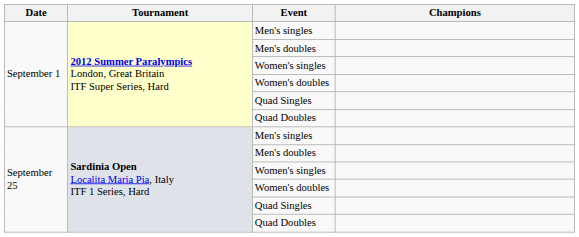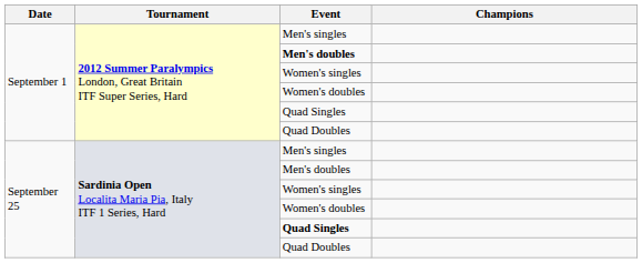 <table class=wikitable style=font-size:85%>
 <tr>
 <th width=75>Date</th>
 <th width=230>Tournament</th>
 <th width=100>Event</th>
 <th width=300>Champions</th>
 </tr>
 <tr>
 <td rowspan=6>September 1</td>
 <td bgcolor=#ffffcc rowspan=6><strong><a href='#'>2012 Summer Paralympics</a></strong><br> London, Great Britain<br>ITF Super Series, Hard</td>
 <td>Men's singles</td>
 <td></td>
 </tr>
 <tr>
-<td>Men's doubles</td>
+<td><strong>Men's doubles</strong></td>
 <td><br></td>
 </tr>
 <tr>
 <td>Women's singles</td>
 <td></td>
 </tr>
 <tr>
 <td>Women's doubles</td>
 <td><br></td>
 </tr>
 <tr>
 <td>Quad Singles</td>
 <td></td>
 </tr>
 <tr>
 <td>Quad Doubles</td>
 <td><br></td>
 </tr>
 <tr>
 <td rowspan=6>September 25</td>
 <td bgcolor=#dfe2e9 rowspan=6><strong>Sardinia Open</strong><br> <a href='#'>Localita Maria Pia</a>, Italy<br>ITF 1 Series, Hard</td>
 <td>Men's singles</td>
 <td></td>
 </tr>
 <tr>
 <td>Men's doubles</td>
 <td><br></td>
 </tr>
 <tr>
 <td>Women's singles</td>
 <td></td>
 </tr>
 <tr>
 <td>Women's doubles</td>
 <td><br></td>
 </tr>
 <tr>
-<td>Quad Singles</td>
+<td><strong>Quad Singles</strong></td>
 <td></td>
 </tr>
 <tr>
 <td>Quad Doubles</td>
 <td><br></td>
 </tr>
 </table>
